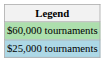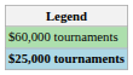 <table class="wikitable" style=font-size:85%>
 <tr>
 <th>Legend</th>
 </tr>
 <tr bgcolor=addfad>
 <td>$60,000 tournaments</td>
 </tr>
 <tr bgcolor=lightblue>
-<td>$25,000 tournaments</td>
+<td><strong>$25,000 tournaments</strong></td>
 </tr>
 </table>
